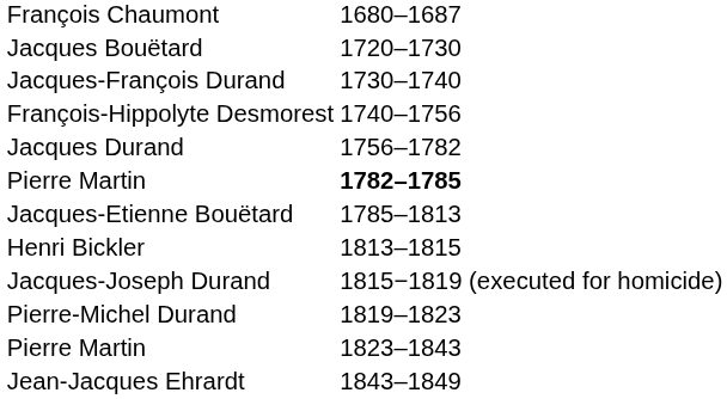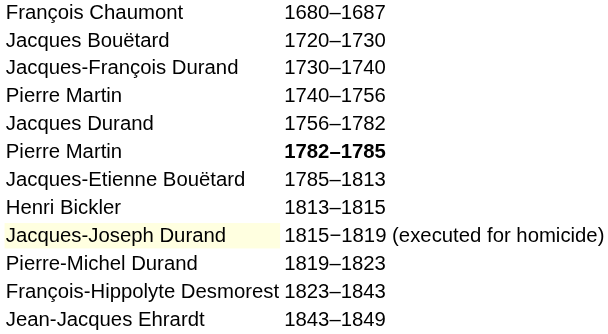 <table>
 <tr>
 <td>François Chaumont</td>
 <td>1680–1687</td>
 </tr>
 <tr>
 <td>Jacques Bouëtard</td>
 <td>1720–1730</td>
 </tr>
 <tr>
 <td>Jacques-François Durand</td>
 <td>1730–1740</td>
 </tr>
 <tr>
-<td>François-Hippolyte Desmorest</td>
+<td>Pierre Martin</td>
 <td>1740–1756</td>
 </tr>
 <tr>
 <td>Jacques Durand</td>
 <td>1756–1782</td>
 </tr>
 <tr>
 <td>Pierre Martin</td>
 <td><strong>1782–1785</strong></td>
 </tr>
 <tr>
 <td>Jacques-Etienne Bouëtard</td>
 <td>1785–1813</td>
 </tr>
 <tr>
 <td>Henri Bickler</td>
 <td>1813–1815</td>
 </tr>
 <tr>
-<td>Jacques-Joseph Durand</td>
+<td style="background: lightyellow;">Jacques-Joseph Durand</td>
 <td>1815−1819 (executed for homicide)</td>
 </tr>
 <tr>
 <td>Pierre-Michel Durand</td>
 <td>1819–1823</td>
 </tr>
 <tr>
-<td>Pierre Martin</td>
+<td>François-Hippolyte Desmorest</td>
 <td>1823–1843</td>
 </tr>
 <tr>
 <td>Jean-Jacques Ehrardt</td>
 <td>1843–1849</td>
 </tr>
 </table>
